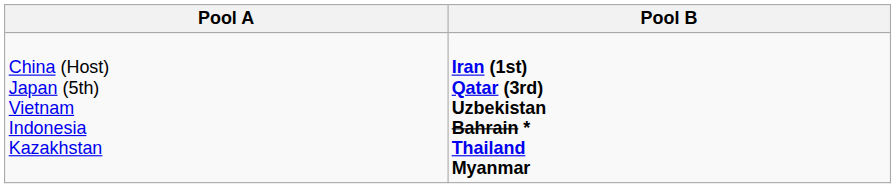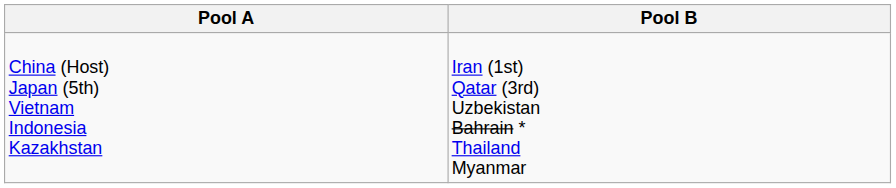 <table class="wikitable" width=50%>
 <tr>
 <th width=50%>Pool A</th>
 <th width=50%>Pool B</th>
 </tr>
 <tr>
 <td valign=top><br> <a href='#'>China</a> (Host)<br>  <a href='#'>Japan</a> (5th)<br>  <a href='#'>Vietnam</a><br>  <a href='#'>Indonesia</a><br>  <a href='#'>Kazakhstan</a></td>
-<td><strong><br> <a href='#'>Iran</a> (1st)<br>  <a href='#'>Qatar</a> (3rd)<br>  Uzbekistan<br> <s> Bahrain</s> *<br>  <a href='#'>Thailand</a><br>  Myanmar</strong></td>
+<td><br> <a href='#'>Iran</a> (1st)<br>  <a href='#'>Qatar</a> (3rd)<br>  Uzbekistan<br> <s> Bahrain</s> *<br>  <a href='#'>Thailand</a><br>  Myanmar</td>
 </tr>
 </table>
